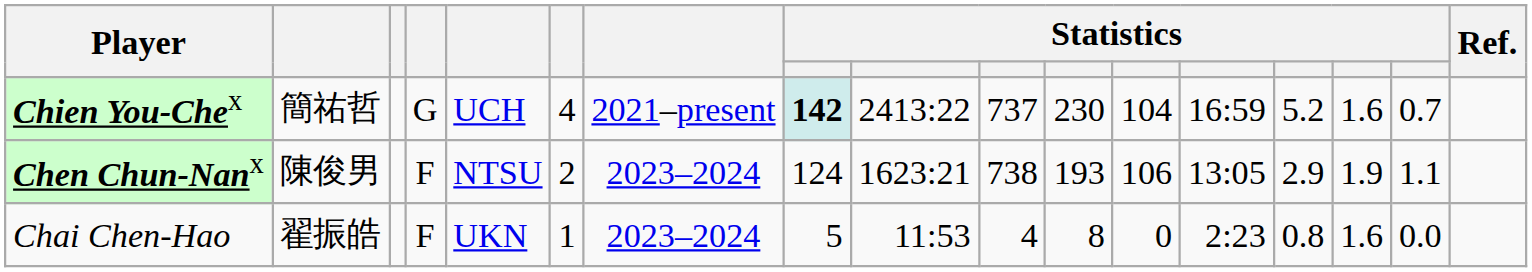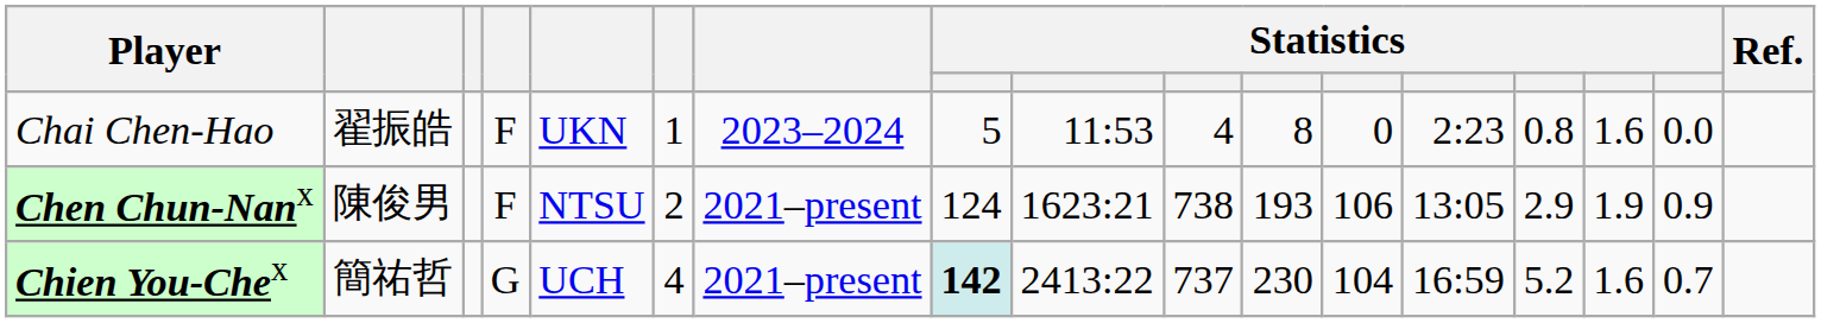 <table class="wikitable sortable" style="font-size:95%; text-align:right;">
 <tr>
 <th rowspan="2">Player</th>
 <th rowspan="2"></th>
 <th rowspan="2"></th>
 <th rowspan="2"></th>
 <th rowspan="2"></th>
 <th rowspan="2"></th>
 <th rowspan="2"></th>
 <th colspan="9">Statistics</th>
 <th rowspan="2">Ref.</th>
 </tr>
 <tr>
 <th></th>
 <th></th>
 <th></th>
 <th></th>
 <th></th>
 <th></th>
 <th></th>
 <th></th>
 <th></th>
 </tr>
 <tr>
+<td align="left"><em>Chai Chen-Hao</em></td>
+<td align="left">翟振皓</td>
+<td align="center"></td>
+<td align="center">F</td>
+<td align="left"><a href='#'>UKN</a></td>
+<td align="center">1</td>
+<td align="center"><a href='#'>2023–2024</a></td>
+<td>5</td>
+<td>11:53</td>
+<td>4</td>
+<td>8</td>
+<td>0</td>
+<td>2:23</td>
+<td>0.8</td>
+<td>1.6</td>
+<td>0.0</td>
+<td align="center"></td>
+</tr>
+<tr>
+<td align="left" bgcolor="#CCFFCC"><u><strong><em>Chen Chun-Nan</em></strong></u><sup>x</sup></td>
+<td align="left">陳俊男</td>
+<td align="center"></td>
+<td align="center">F</td>
+<td align="left"><a href='#'>NTSU</a></td>
+<td align="center">2</td>
+<td align="center"><a href='#'>2021</a>–<a href='#'>present</a></td>
+<td>124</td>
+<td>1623:21</td>
+<td>738</td>
+<td>193</td>
+<td>106</td>
+<td>13:05</td>
+<td>2.9</td>
+<td>1.9</td>
+<td>0.9</td>
+<td align="center"></td>
+</tr>
+<tr>
 <td align="left" bgcolor="#CCFFCC"><u><strong><em>Chien You-Che</em></strong></u><sup>x</sup></td>
 <td align="left">簡祐哲</td>
 <td align="center"></td>
 <td align="center">G</td>
 <td align="left"><a href='#'>UCH</a></td>
 <td align="center">4</td>
 <td align="center"><a href='#'>2021</a>–<a href='#'>present</a></td>
 <td bgcolor="#CFECEC"><strong>142</strong></td>
 <td>2413:22</td>
 <td>737</td>
 <td>230</td>
 <td>104</td>
 <td>16:59</td>
 <td>5.2</td>
 <td>1.6</td>
 <td>0.7</td>
 <td align="center"></td>
 </tr>
-<tr>
-<td align="left" bgcolor="#CCFFCC"><u><strong><em>Chen Chun-Nan</em></strong></u><sup>x</sup></td>
-<td align="left">陳俊男</td>
-<td align="center"></td>
-<td align="center">F</td>
-<td align="left"><a href='#'>NTSU</a></td>
-<td align="center">2</td>
-<td align="center"><a href='#'>2023–2024</a></td>
-<td>124</td>
-<td>1623:21</td>
-<td>738</td>
-<td>193</td>
-<td>106</td>
-<td>13:05</td>
-<td>2.9</td>
-<td>1.9</td>
-<td>1.1</td>
-<td align="center"></td>
-</tr>
-<tr>
-<td align="left"><em>Chai Chen-Hao</em></td>
-<td align="left">翟振皓</td>
-<td align="center"></td>
-<td align="center">F</td>
-<td align="left"><a href='#'>UKN</a></td>
-<td align="center">1</td>
-<td align="center"><a href='#'>2023–2024</a></td>
-<td>5</td>
-<td>11:53</td>
-<td>4</td>
-<td>8</td>
-<td>0</td>
-<td>2:23</td>
-<td>0.8</td>
-<td>1.6</td>
-<td>0.0</td>
-<td align="center"></td>
-</tr>
 </table>
